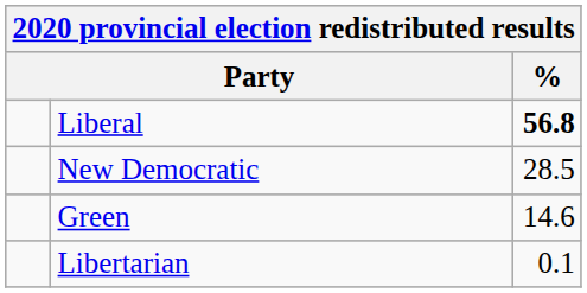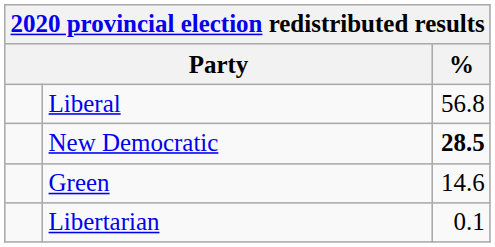 <table class="wikitable">
 <tr>
 <th colspan="4"><a href='#'>2020 provincial election</a> redistributed results</th>
 </tr>
 <tr>
 <th bgcolor="#DDDDFF" width="130px" colspan="2">Party</th>
 <th bgcolor="#DDDDFF" width="30px">%</th>
 </tr>
 <tr>
 <td> </td>
 <td><a href='#'>Liberal</a></td>
-<td align=right><strong>56.8</strong></td>
+<td align=right>56.8</td>
 </tr>
 <tr>
 <td> </td>
 <td><a href='#'>New Democratic</a></td>
-<td align=right>28.5</td>
+<td align=right><strong>28.5</strong></td>
 </tr>
 <tr>
 <td> </td>
 <td><a href='#'>Green</a></td>
 <td align=right>14.6</td>
 </tr>
 <tr>
 <td> </td>
 <td><a href='#'>Libertarian</a></td>
 <td align=right>0.1</td>
 </tr>
 </table>
